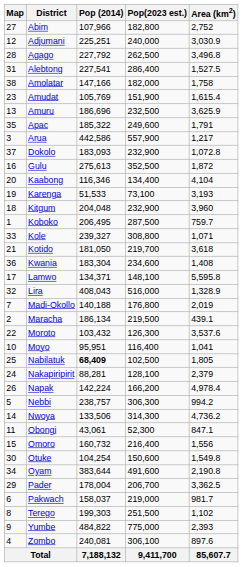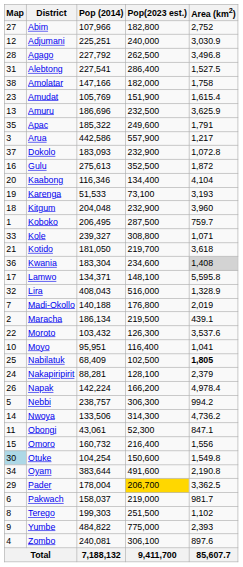 <table class="wikitable sortable" style="font-size:90%;">
 <tr>
 <th>Map</th>
 <th>District</th>
 <th>Pop (2014)</th>
 <th>Pop(2023 est.)</th>
 <th>Area (km<sup>2</sup>)</th>
 </tr>
 <tr>
 <td>27</td>
 <td><a href='#'>Abim</a></td>
 <td>107,966</td>
 <td>182,800</td>
 <td>2,752</td>
 </tr>
 <tr>
 <td>12</td>
 <td><a href='#'>Adjumani</a></td>
 <td>225,251</td>
 <td>240,000</td>
 <td>3,030.9</td>
 </tr>
 <tr>
 <td>28</td>
 <td><a href='#'>Agago</a></td>
 <td>227,792</td>
 <td>262,500</td>
 <td>3,496.8</td>
 </tr>
 <tr>
 <td>31</td>
 <td><a href='#'>Alebtong</a></td>
 <td>227,541</td>
 <td>286,400</td>
 <td>1,527.5</td>
 </tr>
 <tr>
 <td>38</td>
 <td><a href='#'>Amolatar</a></td>
 <td>147,166</td>
 <td>182,000</td>
 <td>1,758</td>
 </tr>
 <tr>
 <td>23</td>
 <td><a href='#'>Amudat</a></td>
 <td>105,769</td>
 <td>151,900</td>
 <td>1,615.4</td>
 </tr>
 <tr>
 <td>13</td>
 <td><a href='#'>Amuru</a></td>
 <td>186,696</td>
 <td>232,500</td>
 <td>3,625.9</td>
 </tr>
 <tr>
 <td>35</td>
 <td><a href='#'>Apac</a></td>
 <td>185,322</td>
 <td>249,600</td>
 <td>1,791</td>
 </tr>
 <tr>
 <td>3</td>
 <td><a href='#'>Arua</a></td>
 <td>442,586</td>
 <td>557,900</td>
 <td>1,217</td>
 </tr>
 <tr>
 <td>37</td>
 <td><a href='#'>Dokolo</a></td>
 <td>183,093</td>
 <td>232,900</td>
 <td>1,072.8</td>
 </tr>
 <tr>
 <td>16</td>
 <td><a href='#'>Gulu</a></td>
 <td>275,613</td>
 <td>352,500</td>
 <td>1,872</td>
 </tr>
 <tr>
 <td>20</td>
 <td><a href='#'>Kaabong</a></td>
 <td>116,346</td>
 <td>134,400</td>
 <td>4,104</td>
 </tr>
 <tr>
 <td>19</td>
 <td><a href='#'>Karenga</a></td>
 <td>51,533</td>
 <td>73,100</td>
 <td>3,193</td>
 </tr>
 <tr>
 <td>18</td>
 <td><a href='#'>Kitgum</a></td>
 <td>204,048</td>
 <td>232,900</td>
 <td>3,960</td>
 </tr>
 <tr>
 <td>1</td>
 <td><a href='#'>Koboko</a></td>
 <td>206,495</td>
 <td>287,500</td>
 <td>759.7</td>
 </tr>
 <tr>
 <td>33</td>
 <td><a href='#'>Kole</a></td>
 <td>239,327</td>
 <td>308,800</td>
 <td>1,071</td>
 </tr>
 <tr>
 <td>21</td>
 <td><a href='#'>Kotido</a></td>
 <td>181,050</td>
 <td>219,700</td>
 <td>3,618</td>
 </tr>
 <tr>
 <td>36</td>
 <td><a href='#'>Kwania</a></td>
 <td>183,304</td>
 <td>234,600</td>
-<td>1,408</td>
+<td style="background: lightgrey;">1,408</td>
 </tr>
 <tr>
 <td>17</td>
 <td><a href='#'>Lamwo</a></td>
 <td>134,371</td>
 <td>148,100</td>
 <td>5,595.8</td>
 </tr>
 <tr>
 <td>32</td>
 <td><a href='#'>Lira</a></td>
 <td>408,043</td>
 <td>516,000</td>
 <td>1,328.9</td>
 </tr>
 <tr>
 <td>7</td>
 <td><a href='#'>Madi-Okollo</a></td>
 <td>140,188</td>
 <td>176,800</td>
 <td>2,019</td>
 </tr>
 <tr>
 <td>2</td>
 <td><a href='#'>Maracha</a></td>
 <td>186,134</td>
 <td>219,500</td>
 <td>439.1</td>
 </tr>
 <tr>
 <td>22</td>
 <td><a href='#'>Moroto</a></td>
 <td>103,432</td>
 <td>126,300</td>
 <td>3,537.6</td>
 </tr>
 <tr>
 <td>10</td>
 <td><a href='#'>Moyo</a></td>
 <td>95,951</td>
 <td>116,400</td>
 <td>1,041</td>
 </tr>
 <tr>
 <td>25</td>
 <td><a href='#'>Nabilatuk</a></td>
-<td><strong>68,409</strong></td>
+<td>68,409</td>
 <td>102,500</td>
-<td>1,805</td>
+<td><strong>1,805</strong></td>
 </tr>
 <tr>
 <td>24</td>
 <td><a href='#'>Nakapiripirit</a></td>
 <td>88,281</td>
 <td>128,100</td>
 <td>2,379</td>
 </tr>
 <tr>
 <td>26</td>
 <td><a href='#'>Napak</a></td>
 <td>142,224</td>
 <td>166,200</td>
 <td>4,978.4</td>
 </tr>
 <tr>
 <td>5</td>
 <td><a href='#'>Nebbi</a></td>
 <td>238,757</td>
 <td>306,300</td>
 <td>994.2</td>
 </tr>
 <tr>
 <td>14</td>
 <td><a href='#'>Nwoya</a></td>
 <td>133,506</td>
 <td>314,300</td>
 <td>4,736.2</td>
 </tr>
 <tr>
 <td>11</td>
 <td><a href='#'>Obongi</a></td>
 <td>43,061</td>
 <td>52,300</td>
 <td>847.1</td>
 </tr>
 <tr>
 <td>15</td>
 <td><a href='#'>Omoro</a></td>
 <td>160,732</td>
 <td>216,400</td>
 <td>1,556</td>
 </tr>
 <tr>
-<td>30</td>
+<td style="background: lightblue;">30</td>
 <td><a href='#'>Otuke</a></td>
 <td>104,254</td>
 <td>150,600</td>
 <td>1,549.8</td>
 </tr>
 <tr>
 <td>34</td>
 <td><a href='#'>Oyam</a></td>
 <td>383,644</td>
 <td>491,600</td>
 <td>2,190.8</td>
 </tr>
 <tr>
 <td>29</td>
 <td><a href='#'>Pader</a></td>
 <td>178,004</td>
-<td>206,700</td>
+<td style="background: gold;">206,700</td>
 <td>3,362.5</td>
 </tr>
 <tr>
 <td>6</td>
 <td><a href='#'>Pakwach</a></td>
 <td>158,037</td>
 <td>219,000</td>
 <td>981.7</td>
 </tr>
 <tr>
 <td>8</td>
 <td><a href='#'>Terego</a></td>
 <td>199,303</td>
 <td>251,500</td>
 <td>1,102</td>
 </tr>
 <tr>
 <td>9</td>
 <td><a href='#'>Yumbe</a></td>
 <td>484,822</td>
 <td>775,000</td>
 <td>2,393</td>
 </tr>
 <tr>
 <td>4</td>
 <td><a href='#'>Zombo</a></td>
 <td>240,081</td>
 <td>306,100</td>
 <td>897.6</td>
 </tr>
 <tr>
 <th colspan="2">Total</th>
 <th>7,188,132</th>
 <th>9,411,700</th>
 <th>85,607.7</th>
 </tr>
 </table>
